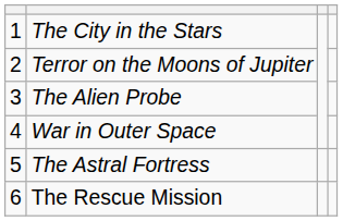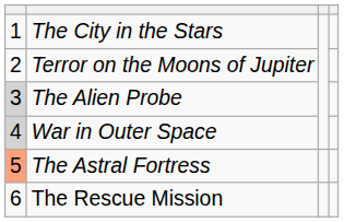 <table class="wikitable">
 <tr>
 <th></th>
 <th></th>
 <th></th>
 <th></th>
 </tr>
 <tr>
 <td>1</td>
 <td><em>The City in the Stars</em></td>
 <td rowspan="4"></td>
 <td></td>
 </tr>
 <tr>
 <td>2</td>
 <td><em>Terror on the Moons of Jupiter</em></td>
 <td></td>
 </tr>
 <tr>
-<td>3</td>
+<td style="background: lightgrey;">3</td>
 <td><em>The Alien Probe</em></td>
 <td></td>
 </tr>
 <tr>
-<td>4</td>
+<td style="background: lightgrey;">4</td>
 <td><em>War in Outer Space</em></td>
 <td></td>
 </tr>
 <tr>
-<td>5</td>
+<td style="background: lightsalmon;">5</td>
 <td><em>The Astral Fortress</em></td>
 <td></td>
 <td></td>
 </tr>
 <tr>
 <td>6</td>
 <td>The Rescue Mission</td>
 <td></td>
 <td></td>
 </tr>
 </table>
